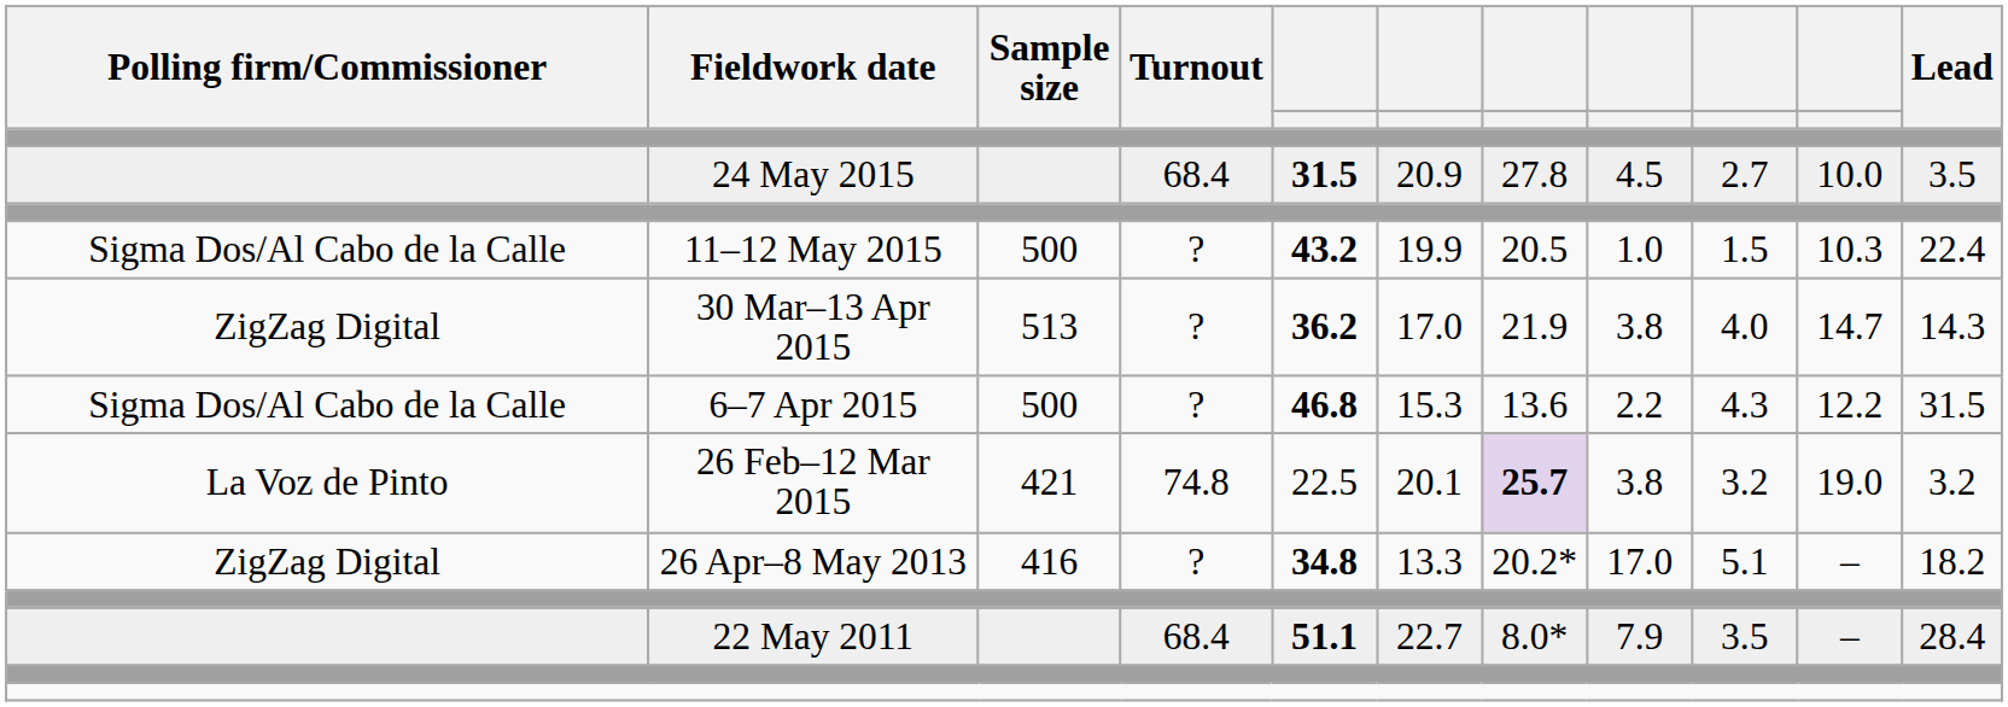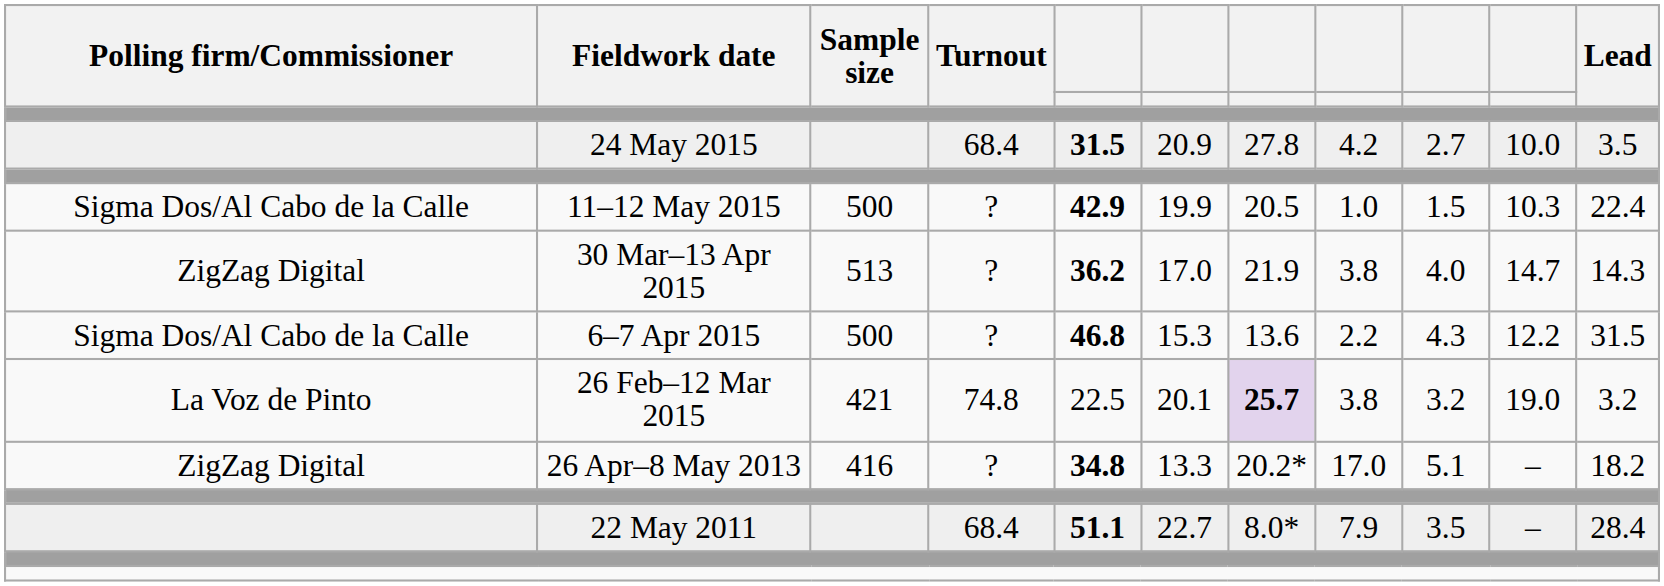 <table class="wikitable collapsible collapsed" style="text-align:center; font-size:95%; line-height:16px;">
 <tr style="height:42px;">
 <th style="width:250px;" rowspan="2">Polling firm/Commissioner</th>
 <th style="width:125px;" rowspan="2">Fieldwork date</th>
 <th style="width:50px;" rowspan="2">Sample size</th>
 <th style="width:45px;" rowspan="2">Turnout</th>
 <th style="width:35px;"></th>
 <th style="width:35px;"></th>
 <th style="width:35px;"></th>
 <th style="width:35px;"></th>
 <th style="width:35px;"></th>
 <th style="width:35px;"></th>
 <th style="width:30px;" rowspan="2">Lead</th>
 </tr>
 <tr>
 <th style="color:inherit;background:"></th>
 <th style="color:inherit;background:"></th>
 <th style="color:inherit;background:"></th>
 <th style="color:inherit;background:"></th>
 <th style="color:inherit;background:"></th>
 <th style="color:inherit;background:"></th>
 </tr>
 <tr>
 <td colspan="11" style="background:#A0A0A0"></td>
 </tr>
 <tr style="background:#EFEFEF;">
 <td><strong></strong></td>
 <td>24 May 2015</td>
 <td></td>
 <td>68.4</td>
 <td><strong>31.5</strong><br></td>
 <td>20.9<br></td>
 <td>27.8<br></td>
-<td>4.5<br></td>
+<td>4.2<br></td>
 <td>2.7<br></td>
 <td>10.0<br></td>
 <td style="background:">3.5</td>
 </tr>
 <tr>
 <td colspan="11" style="background:#A0A0A0"></td>
 </tr>
 <tr>
 <td>Sigma Dos/Al Cabo de la Calle</td>
 <td>11–12 May 2015</td>
 <td>500</td>
 <td>?</td>
-<td><strong>43.2</strong><br></td>
+<td><strong>42.9</strong><br></td>
 <td>19.9<br></td>
 <td>20.5<br></td>
 <td>1.0<br></td>
 <td>1.5<br></td>
 <td>10.3<br></td>
 <td style="background:">22.4</td>
 </tr>
 <tr>
 <td>ZigZag Digital</td>
 <td>30 Mar–13 Apr 2015</td>
 <td>513</td>
 <td>?</td>
 <td><strong>36.2</strong><br></td>
 <td>17.0<br></td>
 <td>21.9<br></td>
 <td>3.8<br></td>
 <td>4.0<br></td>
 <td>14.7<br></td>
 <td style="background:">14.3</td>
 </tr>
 <tr>
 <td>Sigma Dos/Al Cabo de la Calle</td>
 <td>6–7 Apr 2015</td>
 <td>500</td>
 <td>?</td>
 <td><strong>46.8</strong><br></td>
 <td>15.3<br></td>
 <td>13.6<br></td>
 <td>2.2<br></td>
 <td>4.3<br></td>
 <td>12.2<br></td>
 <td style="background:">31.5</td>
 </tr>
 <tr>
 <td>La Voz de Pinto</td>
 <td>26 Feb–12 Mar 2015</td>
 <td>421</td>
 <td>74.8</td>
 <td>22.5<br></td>
 <td>20.1<br></td>
 <td style="background:#E2D3ED"><strong>25.7</strong><br></td>
 <td>3.8<br></td>
 <td>3.2<br></td>
 <td>19.0<br></td>
 <td style="background:">3.2</td>
 </tr>
 <tr>
 <td>ZigZag Digital</td>
 <td>26 Apr–8 May 2013</td>
 <td>416</td>
 <td>?</td>
 <td><strong>34.8</strong><br></td>
 <td>13.3<br></td>
 <td>20.2*<br></td>
 <td>17.0<br></td>
 <td>5.1<br></td>
 <td>–</td>
 <td style="background:">18.2</td>
 </tr>
 <tr>
 <td colspan="11" style="background:#A0A0A0"></td>
 </tr>
 <tr style="background:#EFEFEF;">
 <td><strong></strong></td>
 <td>22 May 2011</td>
 <td></td>
 <td>68.4</td>
 <td><strong>51.1</strong><br></td>
 <td>22.7<br></td>
 <td>8.0*<br></td>
 <td>7.9<br></td>
 <td>3.5<br></td>
 <td>–</td>
 <td style="background:">28.4</td>
 </tr>
 <tr>
 <td colspan="11" style="background:#A0A0A0"></td>
 </tr>
 <tr>
 <td align="left" colspan="11"></td>
 </tr>
 </table>
